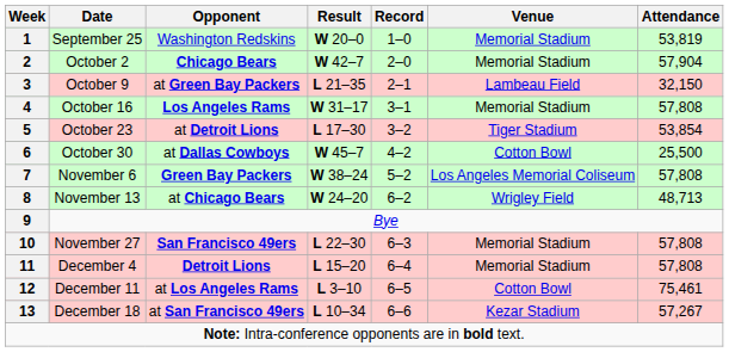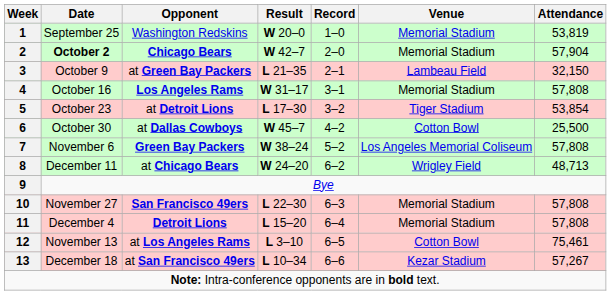 <table class="wikitable" style="text-align:center">
 <tr>
 <th>Week</th>
 <th>Date</th>
 <th>Opponent</th>
 <th>Result</th>
 <th>Record</th>
 <th>Venue</th>
 <th>Attendance</th>
 </tr>
 <tr style="background:#cfc">
 <th>1</th>
 <td>September 25</td>
 <td><a href='#'>Washington Redskins</a></td>
 <td><strong>W</strong> 20–0</td>
 <td>1–0</td>
 <td><a href='#'>Memorial Stadium</a></td>
 <td>53,819</td>
 </tr>
 <tr style="background:#cfc">
 <th>2</th>
-<td>October 2</td>
+<td><strong>October 2</strong></td>
 <td><strong><a href='#'>Chicago Bears</a></strong></td>
 <td><strong>W</strong> 42–7</td>
 <td>2–0</td>
 <td>Memorial Stadium</td>
 <td>57,904</td>
 </tr>
 <tr style="background:#fcc">
 <th>3</th>
 <td>October 9</td>
 <td>at <strong><a href='#'>Green Bay Packers</a></strong></td>
 <td><strong>L</strong> 21–35</td>
 <td>2–1</td>
 <td><a href='#'>Lambeau Field</a></td>
 <td>32,150</td>
 </tr>
 <tr style="background:#cfc">
 <th>4</th>
 <td>October 16</td>
 <td><strong><a href='#'>Los Angeles Rams</a></strong></td>
 <td><strong>W</strong> 31–17</td>
 <td>3–1</td>
 <td>Memorial Stadium</td>
 <td>57,808</td>
 </tr>
 <tr style="background:#fcc">
 <th>5</th>
 <td>October 23</td>
 <td>at <strong><a href='#'>Detroit Lions</a></strong></td>
 <td><strong>L</strong> 17–30</td>
 <td>3–2</td>
 <td><a href='#'>Tiger Stadium</a></td>
 <td>53,854</td>
 </tr>
 <tr style="background:#cfc">
 <th>6</th>
 <td>October 30</td>
 <td>at <strong><a href='#'>Dallas Cowboys</a></strong></td>
 <td><strong>W</strong> 45–7</td>
 <td>4–2</td>
 <td><a href='#'>Cotton Bowl</a></td>
 <td>25,500</td>
 </tr>
 <tr style="background:#cfc">
 <th>7</th>
 <td>November 6</td>
 <td><strong><a href='#'>Green Bay Packers</a></strong></td>
 <td><strong>W</strong> 38–24</td>
 <td>5–2</td>
 <td><a href='#'>Los Angeles Memorial Coliseum</a></td>
 <td>57,808</td>
 </tr>
 <tr style="background:#cfc">
 <th>8</th>
-<td>November 13</td>
+<td>December 11</td>
 <td>at <strong><a href='#'>Chicago Bears</a></strong></td>
 <td><strong>W</strong> 24–20</td>
 <td>6–2</td>
 <td><a href='#'>Wrigley Field</a></td>
 <td>48,713</td>
 </tr>
 <tr>
 <th>9</th>
 <td colspan="6"><em><a href='#'>Bye</a></em></td>
 </tr>
 <tr style="background:#fcc">
 <th>10</th>
 <td>November 27</td>
 <td><strong><a href='#'>San Francisco 49ers</a></strong></td>
 <td><strong>L</strong> 22–30</td>
 <td>6–3</td>
 <td>Memorial Stadium</td>
 <td>57,808</td>
 </tr>
 <tr style="background:#fcc">
 <th>11</th>
 <td>December 4</td>
 <td><strong><a href='#'>Detroit Lions</a></strong></td>
 <td><strong>L</strong> 15–20</td>
 <td>6–4</td>
 <td>Memorial Stadium</td>
 <td>57,808</td>
 </tr>
 <tr style="background:#fcc">
 <th>12</th>
-<td>December 11</td>
+<td>November 13</td>
 <td>at <strong><a href='#'>Los Angeles Rams</a></strong></td>
 <td><strong>L</strong> 3–10</td>
 <td>6–5</td>
 <td><a href='#'>Cotton Bowl</a></td>
 <td>75,461</td>
 </tr>
 <tr style="background:#fcc">
 <th>13</th>
 <td>December 18</td>
 <td>at <strong><a href='#'>San Francisco 49ers</a></strong></td>
 <td><strong>L</strong> 10–34</td>
 <td>6–6</td>
 <td><a href='#'>Kezar Stadium</a></td>
 <td>57,267</td>
 </tr>
 <tr>
 <td colspan="8"><strong>Note:</strong> Intra-conference opponents are in <strong>bold</strong> text.</td>
 </tr>
 </table>
